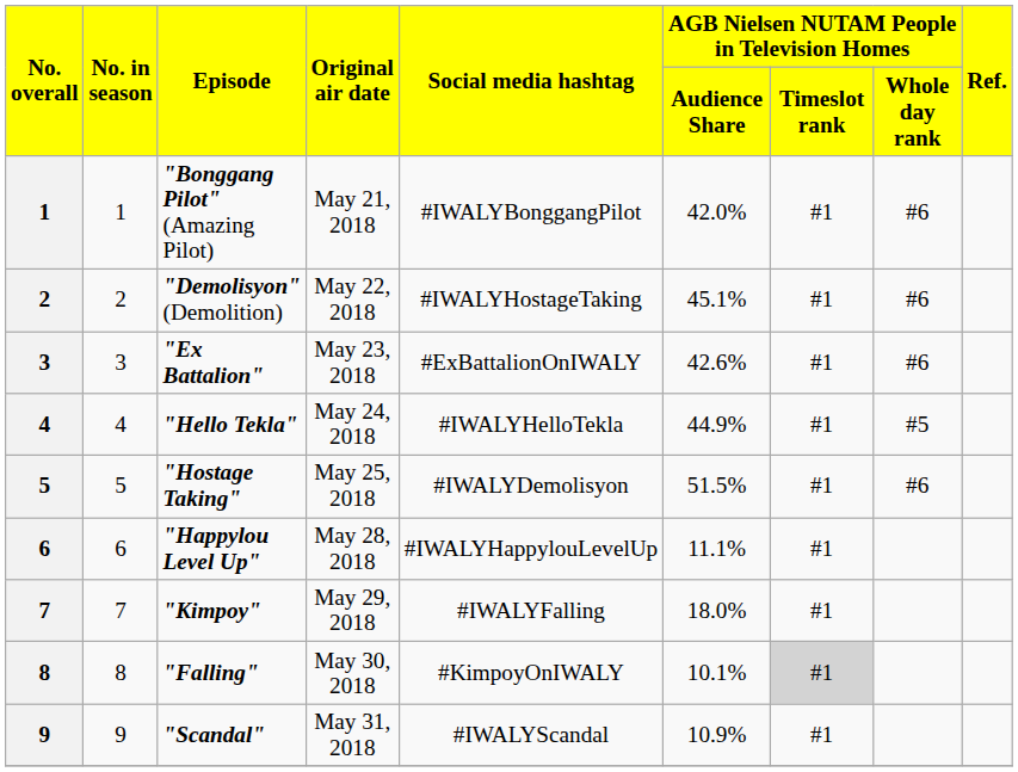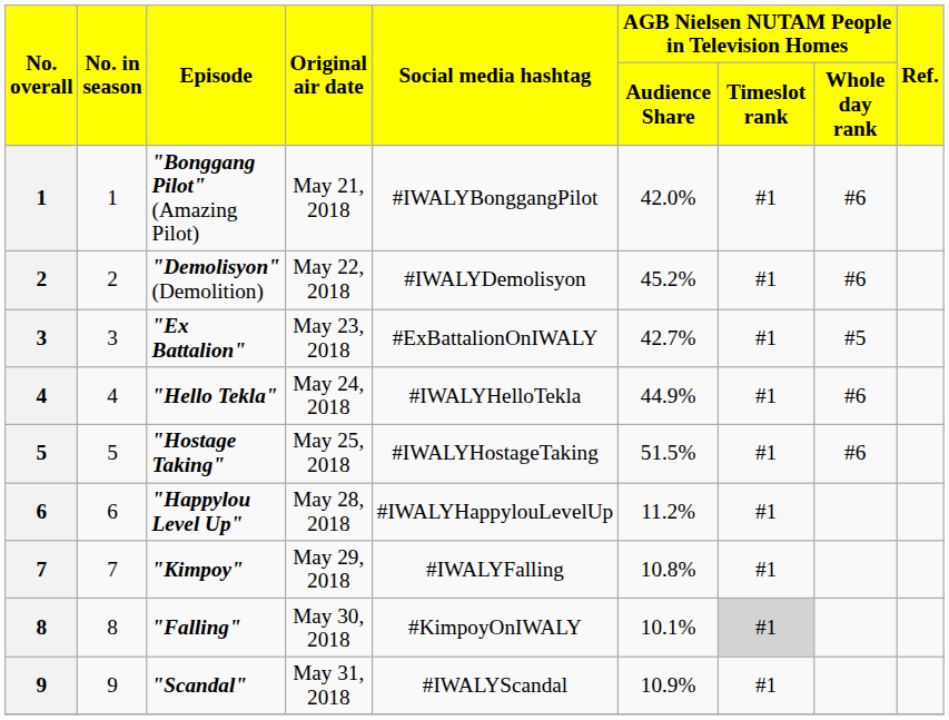 <table class="wikitable" style="text-align:center; font-size:100%; line-height:18px;" width="100%">
 <tr>
 <th style="background-color:#FFFF00; color:black;" rowspan="2">No.<br>overall</th>
 <th style="background-color:#FFFF00; color:black;" rowspan="2">No. in<br>season</th>
 <th style="background-color:#FFFF00; color:black;" rowspan="2">Episode</th>
 <th style="background-color:#FFFF00; color:black" rowspan="2">Original air date</th>
 <th style="background-color:#FFFF00; color:black" rowspan="2">Social media hashtag</th>
 <th style="background-color:#FFFF00; color:black;" colspan="3">AGB Nielsen NUTAM People in Television Homes</th>
 <th style="background-color:#FFFF00; color:black;" rowspan="2">Ref.</th>
 </tr>
 <tr>
 <th style="background-color:#FFFF00; width:75px; color:black;">Audience Share</th>
 <th style="background-color:#FFFF00; width:75px; color:black;">Timeslot<br>rank</th>
 <th style="background-color:#FFFF00; width:75px; color:black;">Whole day<br>rank</th>
 </tr>
 <tr>
 <th>1</th>
 <td>1</td>
 <td style="text-align: left;"><strong><em>"Bonggang Pilot"</em></strong> (Amazing Pilot)</td>
 <td>May 21, 2018</td>
 <td>#IWALYBonggangPilot</td>
 <td>42.0%</td>
 <td>#1</td>
 <td>#6</td>
 <td></td>
 </tr>
 <tr>
 <th>2</th>
 <td>2</td>
 <td style="text-align: left;"><strong><em>"Demolisyon"</em></strong> (Demolition)</td>
 <td>May 22, 2018</td>
-<td>#IWALYHostageTaking</td>
-<td>45.1%</td>
+<td>#IWALYDemolisyon</td>
+<td>45.2%</td>
 <td>#1</td>
 <td>#6</td>
 <td></td>
 </tr>
 <tr>
 <th>3</th>
 <td>3</td>
 <td style="text-align: left;"><strong><em>"Ex Battalion"</em></strong></td>
 <td>May 23, 2018</td>
 <td>#ExBattalionOnIWALY</td>
-<td>42.6%</td>
+<td>42.7%</td>
 <td>#1</td>
-<td>#6</td>
+<td>#5</td>
 <td></td>
 </tr>
 <tr>
 <th>4</th>
 <td>4</td>
 <td style="text-align: left;"><strong><em>"Hello Tekla"</em></strong></td>
 <td>May 24, 2018</td>
 <td>#IWALYHelloTekla</td>
 <td>44.9%</td>
 <td>#1</td>
-<td>#5</td>
+<td>#6</td>
 <td></td>
 </tr>
 <tr>
 <th>5</th>
 <td>5</td>
 <td style="text-align: left;"><strong><em>"Hostage Taking"</em></strong></td>
 <td>May 25, 2018</td>
-<td>#IWALYDemolisyon</td>
+<td>#IWALYHostageTaking</td>
 <td>51.5%</td>
 <td>#1</td>
 <td>#6</td>
 <td></td>
 </tr>
 <tr>
 <th>6</th>
 <td>6</td>
 <td style="text-align: left;"><strong><em>"Happylou Level Up"</em></strong></td>
 <td>May 28, 2018</td>
 <td>#IWALYHappylouLevelUp</td>
-<td>11.1%</td>
+<td>11.2%</td>
 <td>#1</td>
 <td></td>
 <td></td>
 </tr>
 <tr>
 <th>7</th>
 <td>7</td>
 <td style="text-align: left;"><strong><em>"Kimpoy"</em></strong></td>
 <td>May 29, 2018</td>
 <td>#IWALYFalling</td>
-<td>18.0%</td>
+<td>10.8%</td>
 <td>#1</td>
 <td></td>
 <td></td>
 </tr>
 <tr>
 <th>8</th>
 <td>8</td>
 <td style="text-align: left;"><strong><em>"Falling"</em></strong></td>
 <td>May 30, 2018</td>
 <td>#KimpoyOnIWALY</td>
 <td>10.1%</td>
 <td style="background: lightgrey;">#1</td>
 <td></td>
 <td></td>
 </tr>
 <tr>
 <th>9</th>
 <td>9</td>
 <td style="text-align: left;"><strong><em>"Scandal"</em></strong></td>
 <td>May 31, 2018</td>
 <td>#IWALYScandal</td>
 <td>10.9%</td>
 <td>#1</td>
 <td></td>
 <td></td>
 </tr>
 <tr>
 </tr>
 </table>
